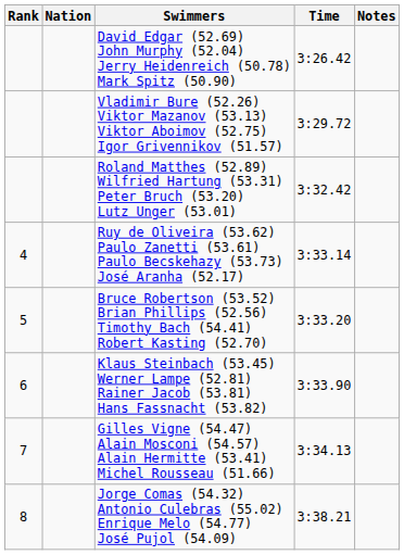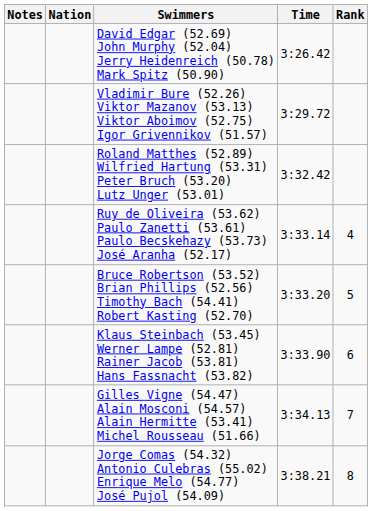 <table class="wikitable sortable" style="text-align:center">
 <tr>
-<th>Rank</th>
+<th>Notes</th>
 <th>Nation</th>
 <th>Swimmers</th>
 <th>Time</th>
-<th>Notes</th>
+<th>Rank</th>
 </tr>
 <tr>
 <td></td>
 <td align=left></td>
 <td align=left><a href='#'>David Edgar</a> (52.69) <br> <a href='#'>John Murphy</a> (52.04) <br> <a href='#'>Jerry Heidenreich</a> (50.78) <br> <a href='#'>Mark Spitz</a> (50.90)</td>
 <td>3:26.42</td>
 <td></td>
 </tr>
 <tr>
 <td></td>
 <td align=left></td>
 <td align=left><a href='#'>Vladimir Bure</a> (52.26) <br> <a href='#'>Viktor Mazanov</a> (53.13) <br> <a href='#'>Viktor Aboimov</a> (52.75) <br> <a href='#'>Igor Grivennikov</a> (51.57)</td>
 <td>3:29.72</td>
 <td></td>
 </tr>
 <tr>
 <td></td>
 <td align=left></td>
 <td align=left><a href='#'>Roland Matthes</a> (52.89) <br> <a href='#'>Wilfried Hartung</a> (53.31) <br> <a href='#'>Peter Bruch</a> (53.20) <br> <a href='#'>Lutz Unger</a> (53.01)</td>
 <td>3:32.42</td>
 <td></td>
 </tr>
 <tr>
-<td>4</td>
+<td></td>
 <td align=left></td>
 <td align=left><a href='#'>Ruy de Oliveira</a> (53.62) <br> <a href='#'>Paulo Zanetti</a> (53.61) <br> <a href='#'>Paulo Becskehazy</a> (53.73) <br> <a href='#'>José Aranha</a> (52.17)</td>
 <td>3:33.14</td>
-<td></td>
+<td>4</td>
 </tr>
 <tr>
-<td>5</td>
+<td></td>
 <td align=left></td>
 <td align=left><a href='#'>Bruce Robertson</a> (53.52) <br> <a href='#'>Brian Phillips</a> (52.56) <br> <a href='#'>Timothy Bach</a> (54.41) <br> <a href='#'>Robert Kasting</a> (52.70)</td>
 <td>3:33.20</td>
-<td></td>
+<td>5</td>
 </tr>
 <tr>
-<td>6</td>
+<td></td>
 <td align=left></td>
 <td align=left><a href='#'>Klaus Steinbach</a> (53.45) <br> <a href='#'>Werner Lampe</a> (52.81) <br> <a href='#'>Rainer Jacob</a> (53.81) <br> <a href='#'>Hans Fassnacht</a> (53.82)</td>
 <td>3:33.90</td>
-<td></td>
+<td>6</td>
 </tr>
 <tr>
-<td>7</td>
+<td></td>
 <td align=left></td>
 <td align=left><a href='#'>Gilles Vigne</a> (54.47) <br> <a href='#'>Alain Mosconi</a> (54.57) <br> <a href='#'>Alain Hermitte</a> (53.41) <br> <a href='#'>Michel Rousseau</a> (51.66)</td>
 <td>3:34.13</td>
-<td></td>
+<td>7</td>
 </tr>
 <tr>
-<td>8</td>
+<td></td>
 <td align=left></td>
 <td align=left><a href='#'>Jorge Comas</a> (54.32) <br> <a href='#'>Antonio Culebras</a> (55.02) <br> <a href='#'>Enrique Melo</a> (54.77) <br> <a href='#'>José Pujol</a> (54.09)</td>
 <td>3:38.21</td>
-<td></td>
+<td>8</td>
 </tr>
 </table>
